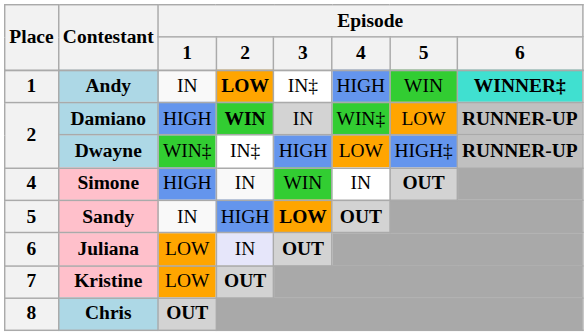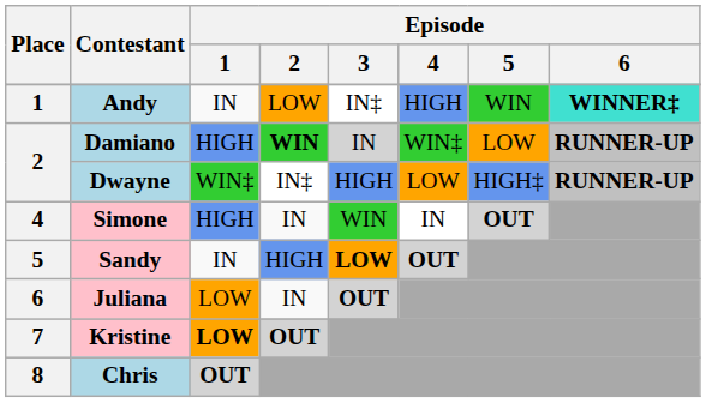 <table class="wikitable" style="text-align: center; font-size: 10pt">
 <tr>
 <th rowspan="2">Place</th>
 <th rowspan="2">Contestant</th>
 <th colspan="6">Episode</th>
 </tr>
 <tr>
 <th>1</th>
 <th>2</th>
 <th>3</th>
 <th>4</th>
 <th>5</th>
 <th>6</th>
 </tr>
 <tr>
 </tr>
 <tr>
 <th>1</th>
 <th style="background:lightblue;">Andy</th>
 <td>IN</td>
-<td style="background:orange;"><strong>LOW</strong></td>
+<td style="background:orange;">LOW</td>
 <td style="background:white;">IN‡</td>
 <td style="background:cornflowerblue;">HIGH</td>
 <td style="background:limegreen;">WIN</td>
 <td style="background:turquoise;"><strong>WINNER‡</strong></td>
 </tr>
 <tr>
 <th rowspan="2">2</th>
 <th style="background:lightblue; ">Damiano</th>
 <td style="background:cornflowerblue;">HIGH</td>
 <td style="background:limegreen;"><strong>WIN</strong></td>
 <td style="background: lightgrey;">IN</td>
 <td style="background:limegreen;">WIN‡</td>
 <td style="background:orange;">LOW</td>
 <td style="background:silver;"><strong>RUNNER-UP</strong></td>
 </tr>
 <tr>
 <th style="background:lightblue;">Dwayne</th>
 <td style="background:limegreen;">WIN‡</td>
 <td style="background:white;">IN‡</td>
 <td style="background:cornflowerblue;">HIGH</td>
 <td style="background:orange;">LOW</td>
 <td style="background:cornflowerblue;">HIGH‡</td>
 <td style="background:silver;"><strong>RUNNER-UP</strong></td>
 </tr>
 <tr>
 <th>4</th>
 <th style="background:pink;">Simone</th>
 <td style="background:cornflowerblue;">HIGH</td>
 <td>IN</td>
 <td style="background:limegreen;">WIN</td>
 <td style="background:white ;">IN</td>
 <td style="background:lightgrey;"><strong>OUT</strong></td>
 <td style="background:darkgrey;"></td>
 </tr>
 <tr>
 <th>5</th>
 <th style="background:pink;">Sandy</th>
 <td>IN</td>
 <td style="background:cornflowerblue;">HIGH</td>
 <td style="background:orange ;"><strong>LOW</strong></td>
 <td style="background:lightgrey;"><strong>OUT</strong></td>
 <td colspan=2 style="background:darkgrey;"></td>
 </tr>
 <tr>
 <th>6</th>
 <th style="background:pink;">Juliana</th>
 <td style="background:orange;">LOW</td>
-<td style="background: lavender;">IN</td>
+<td>IN</td>
 <td style="background:lightgrey;"><strong>OUT</strong></td>
 <td colspan=3 style="background:darkgrey;"></td>
 </tr>
 <tr>
 <th>7</th>
 <th style="background:pink;">Kristine</th>
-<td style="background:orange;">LOW</td>
+<td style="background:orange;"><strong>LOW</strong></td>
 <td style="background:lightgrey;"><strong>OUT</strong></td>
 <td colspan=4 style="background:darkgrey;"></td>
 </tr>
 <tr>
 <th>8</th>
 <th style="background:lightblue;">Chris</th>
 <td style="background:lightgrey;"><strong>OUT</strong></td>
 <td colspan=5 style="background:darkgrey;"></td>
 </tr>
 </table>
